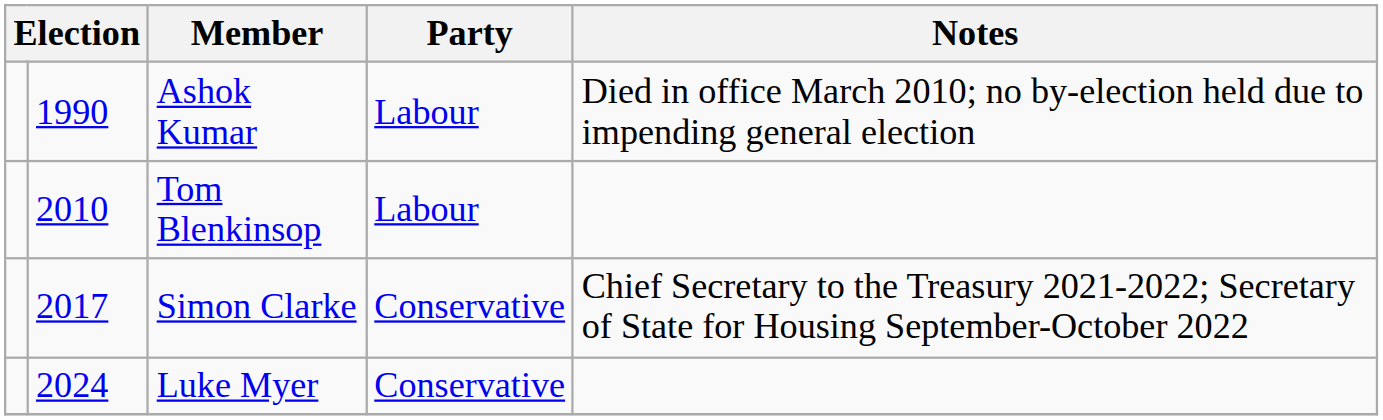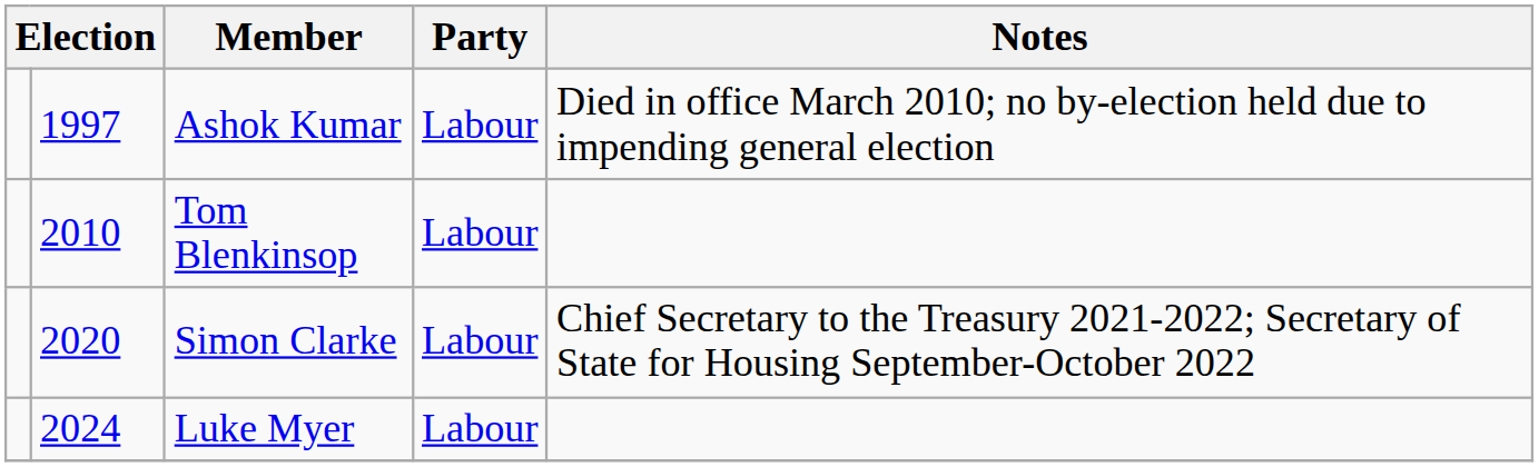 <table class="wikitable">
 <tr>
 <th colspan="2">Election</th>
 <th>Member</th>
 <th>Party</th>
 <th>Notes</th>
 </tr>
 <tr>
 <td style="color:inherit;background-color: "></td>
-<td><a href='#'>1990</a></td>
+<td><a href='#'>1997</a></td>
 <td><a href='#'>Ashok Kumar</a></td>
 <td><a href='#'>Labour</a></td>
 <td>Died in office March 2010; no by-election held due to impending general election</td>
 </tr>
 <tr>
 <td style="color:inherit;background-color: "></td>
 <td><a href='#'>2010</a></td>
 <td><a href='#'>Tom Blenkinsop</a></td>
 <td><a href='#'>Labour</a></td>
 </tr>
 <tr>
 <td style="color:inherit;background-color: "></td>
-<td><a href='#'>2017</a></td>
+<td><a href='#'>2020</a></td>
 <td><a href='#'>Simon Clarke</a></td>
-<td><a href='#'>Conservative</a></td>
+<td><a href='#'>Labour</a></td>
 <td>Chief Secretary to the Treasury 2021-2022; Secretary of State for Housing September-October 2022</td>
 </tr>
 <tr>
 <td style="color:inherit;background-color: "></td>
 <td><a href='#'>2024</a></td>
 <td><a href='#'>Luke Myer</a></td>
-<td><a href='#'>Conservative</a></td>
+<td><a href='#'>Labour</a></td>
 <td></td>
 </tr>
 <tr>
 </tr>
 </table>
